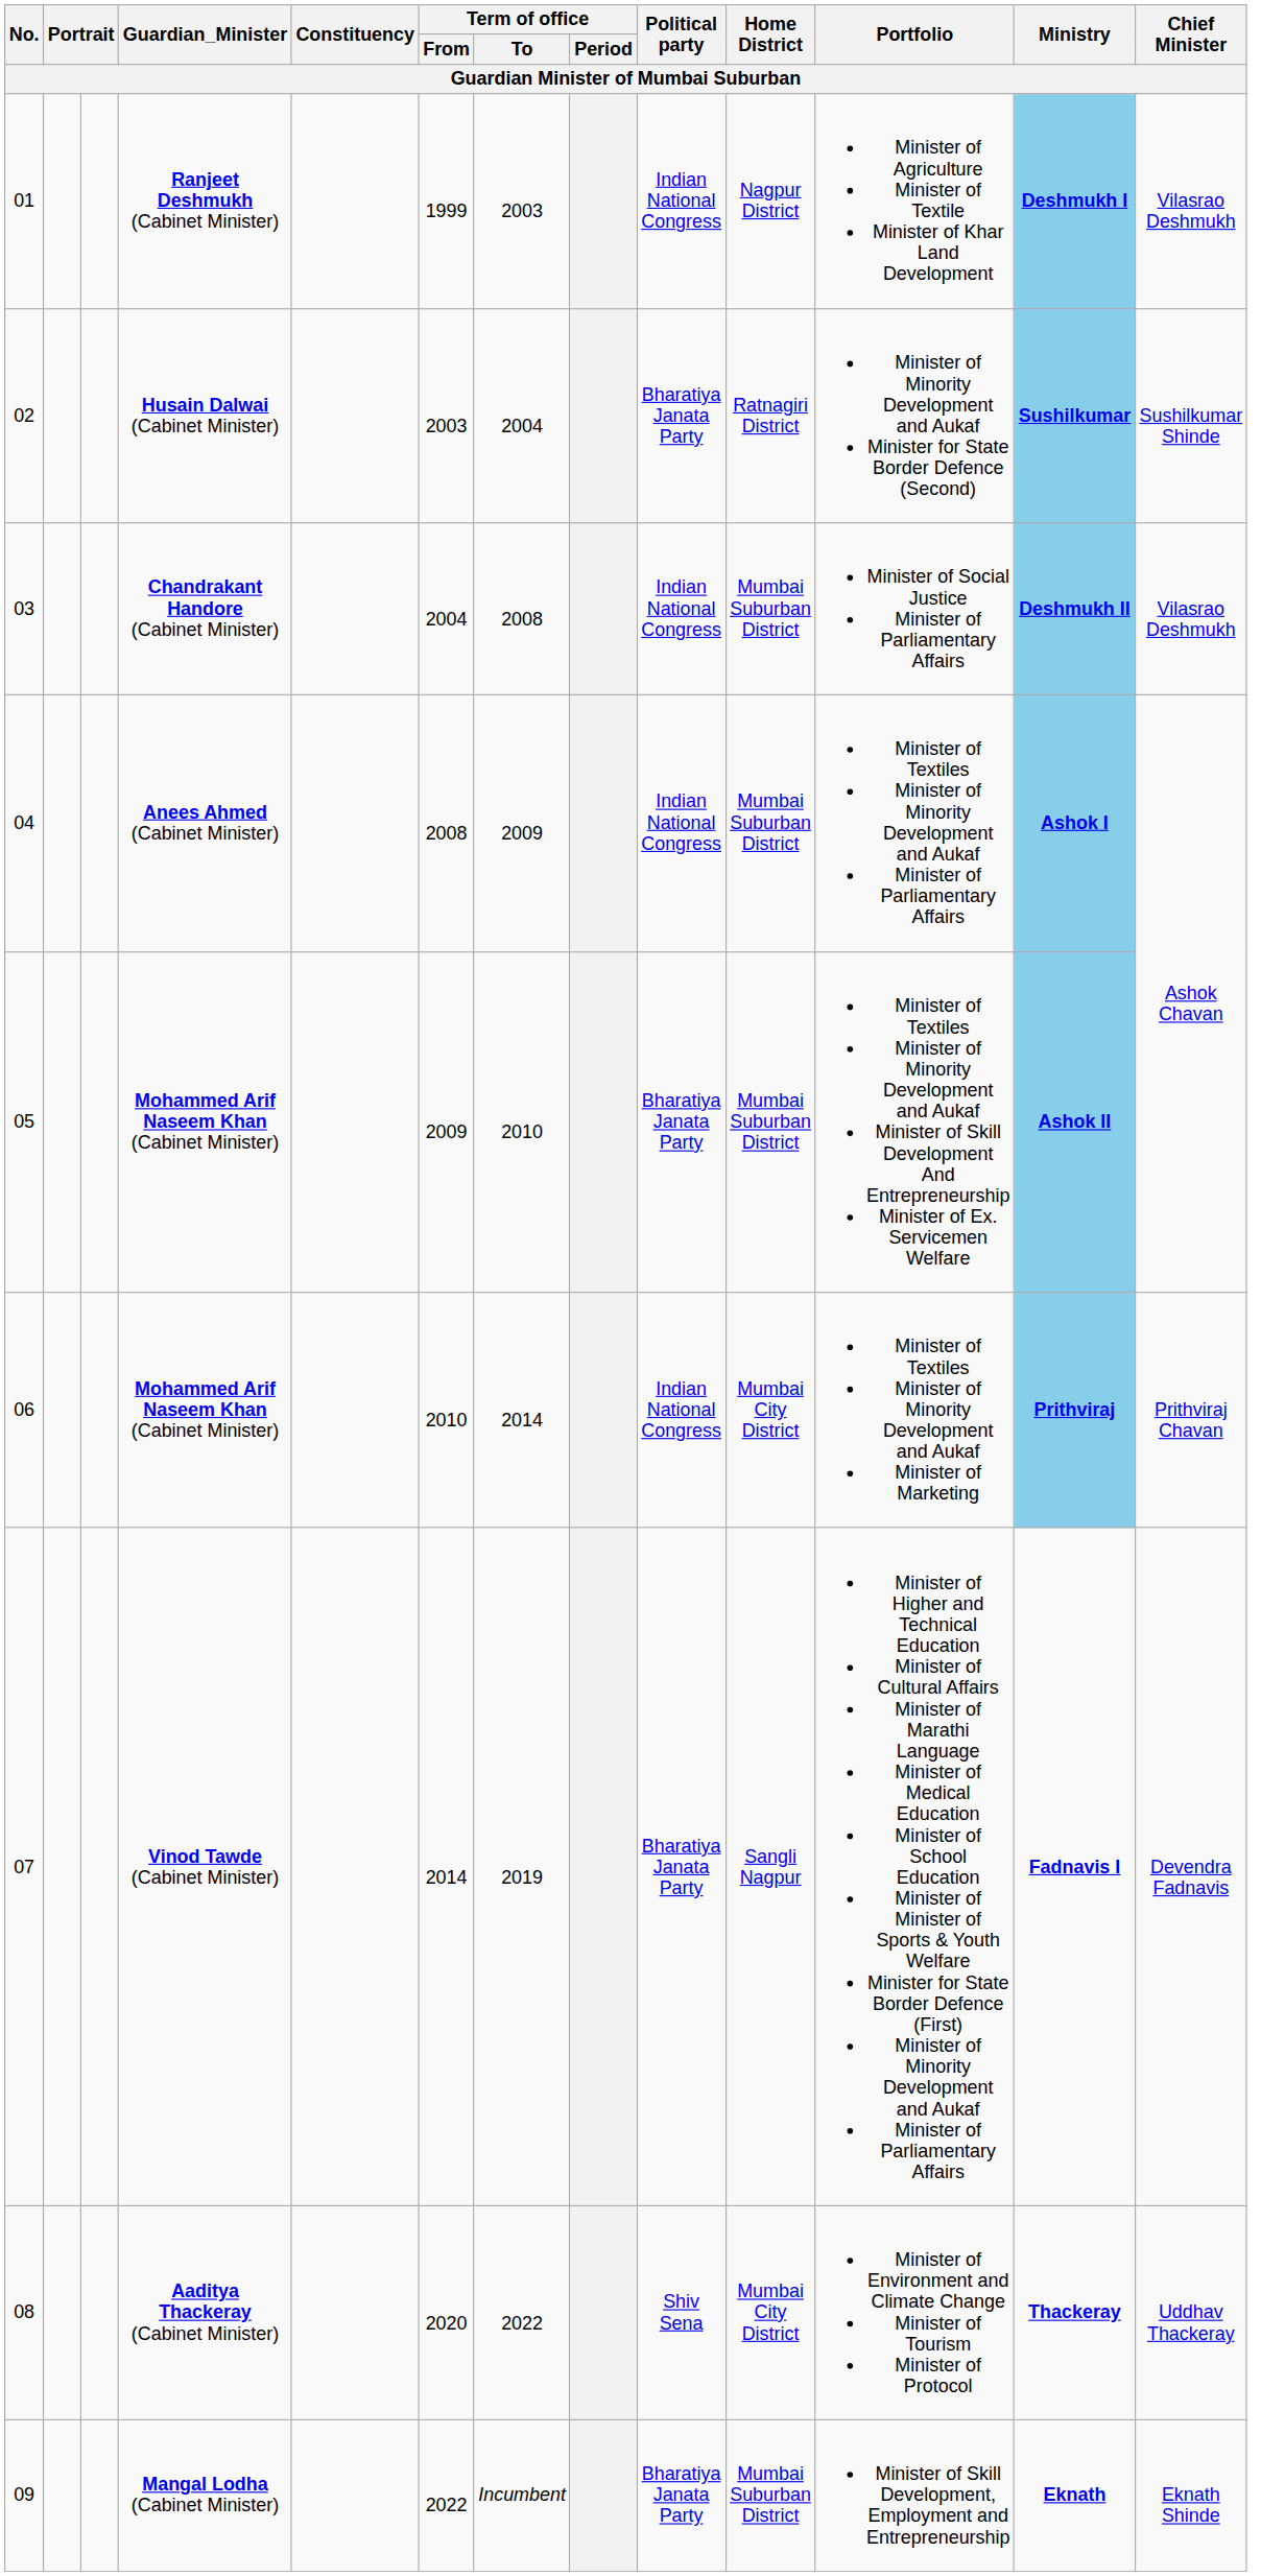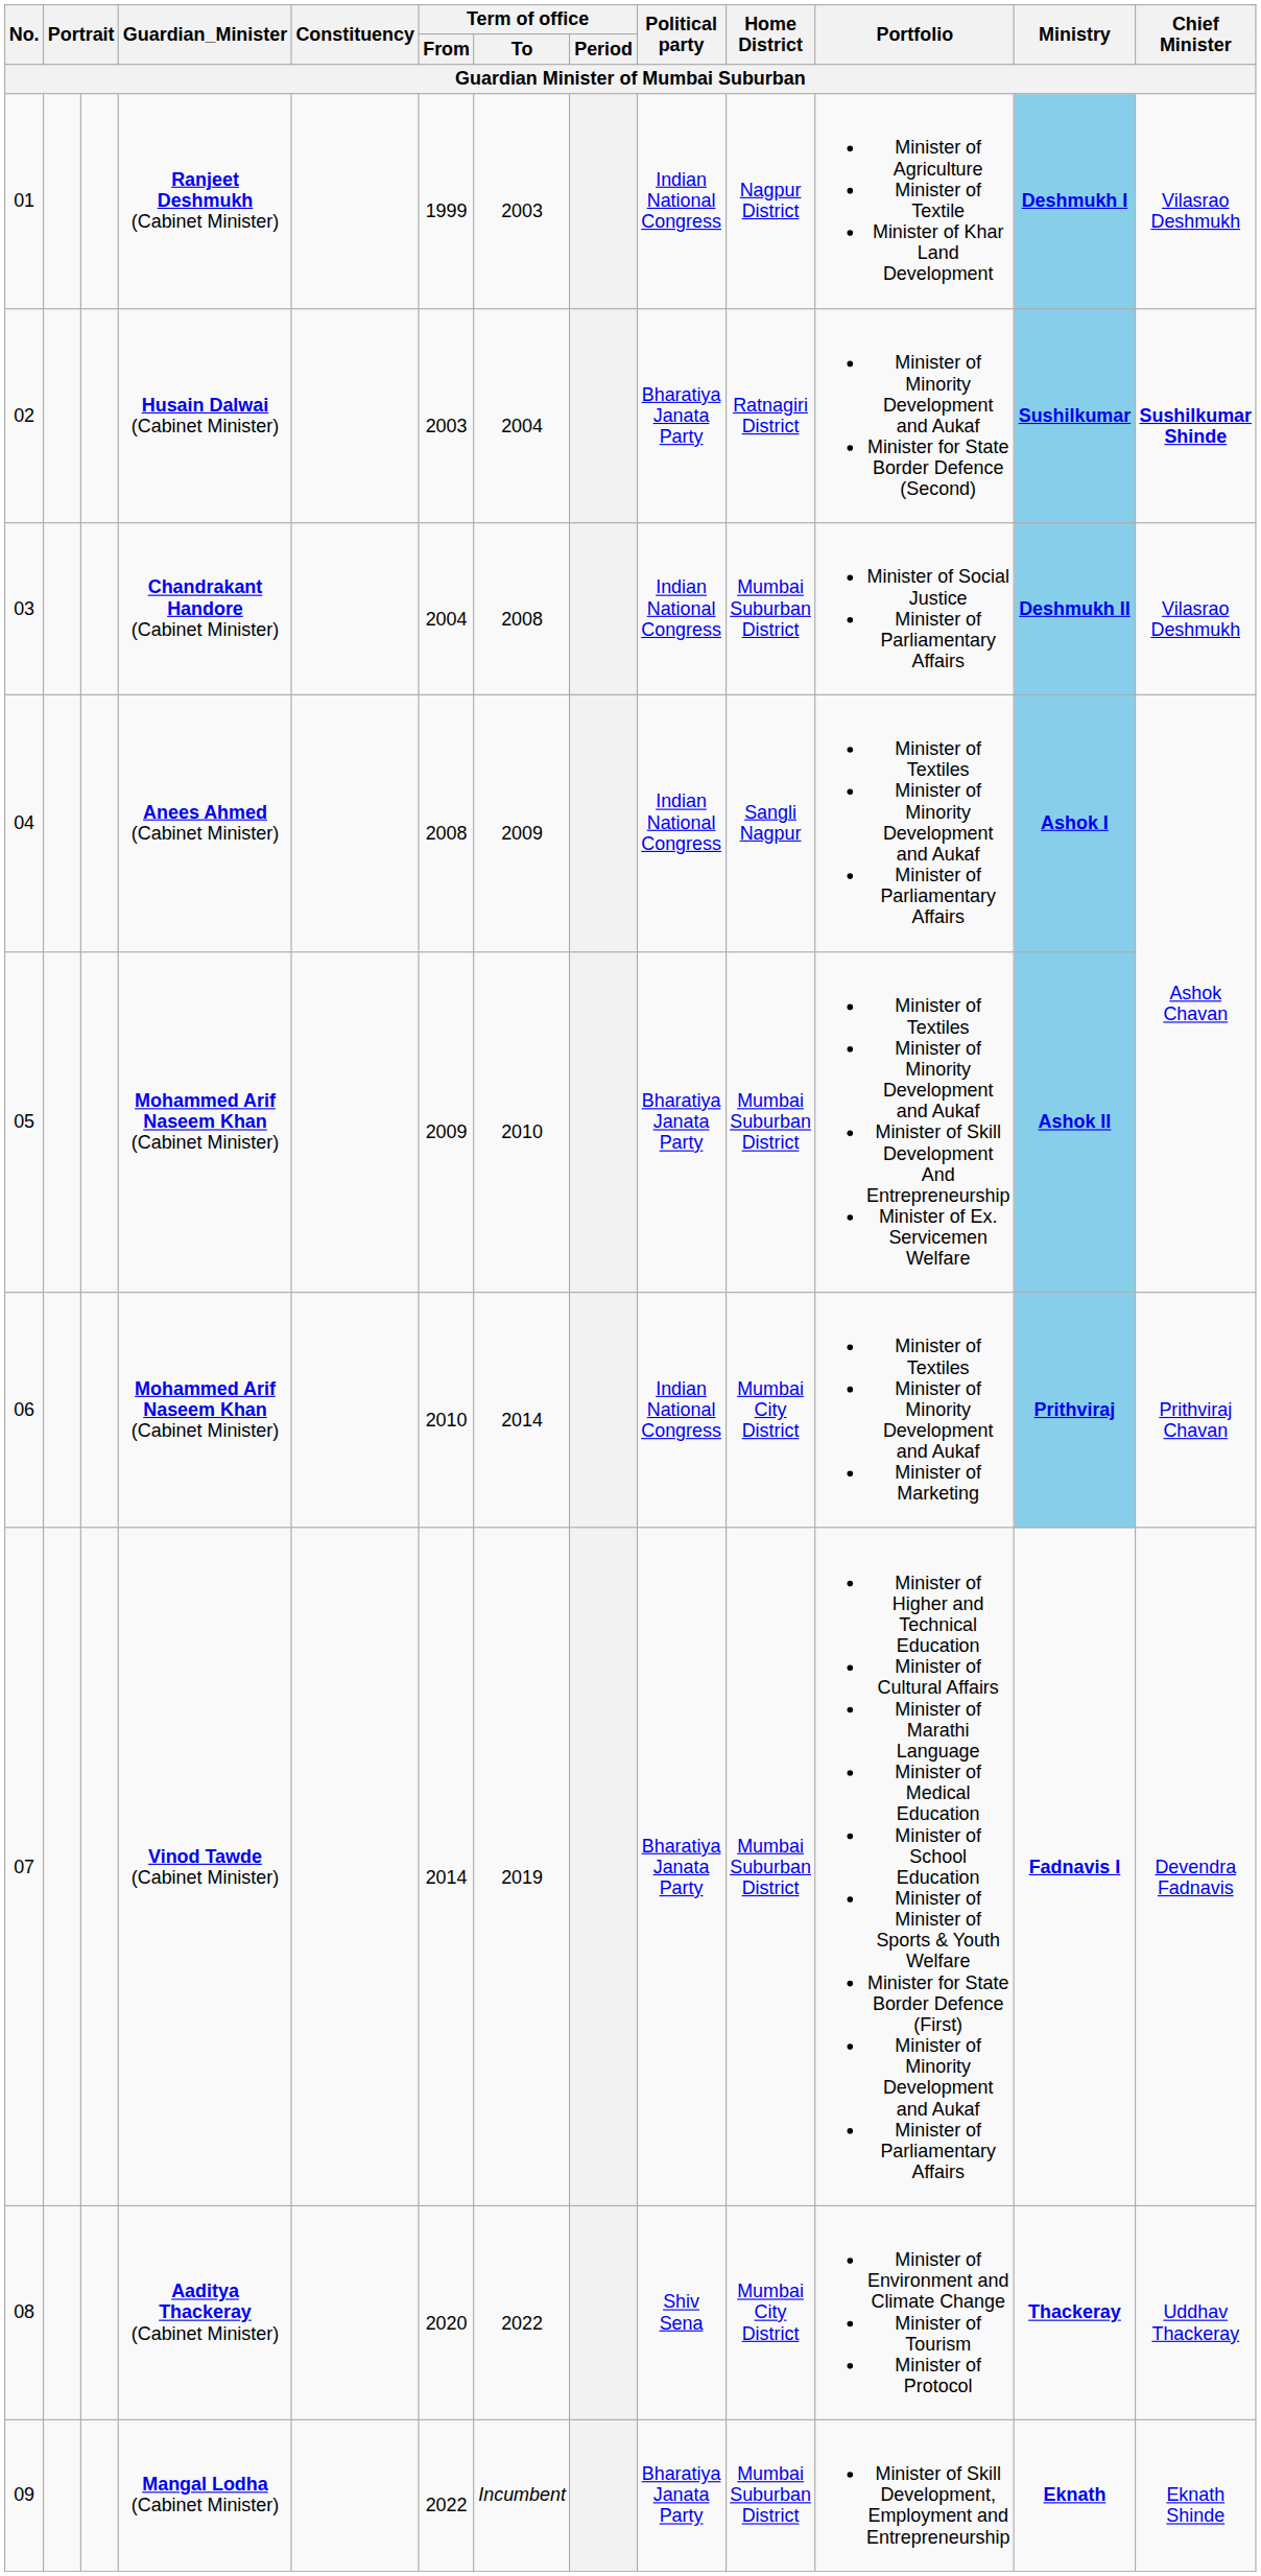 <table class="wikitable" style="text-align:center">
 <tr>
 <th rowspan="2">No.</th>
 <th rowspan="2" colspan="2">Portrait</th>
 <th rowspan="2" style="width:16em">Guardian_Minister</th>
 <th rowspan="2">Constituency</th>
 <th colspan="3">Term of office</th>
 <th rowspan="2" style="width:8em">Political party</th>
 <th rowspan="2">Home District</th>
 <th rowspan="2">Portfolio</th>
 <th rowspan="2">Ministry</th>
 <th rowspan="2" style="width:9em">Chief Minister</th>
 </tr>
 <tr>
 <th style="width:6em">From</th>
 <th style="width:6em">To</th>
 <th>Period</th>
 </tr>
 <tr>
 <th colspan="13">Guardian Minister of Mumbai Suburban</th>
 </tr>
 <tr>
 <td>01</td>
 <td></td>
 <td></td>
 <td><strong><a href='#'>Ranjeet Deshmukh</a></strong> <br> (Cabinet Minister)</td>
 <td></td>
 <td><br>1999</td>
 <td><br>2003</td>
 <th></th>
 <td><a href='#'>Indian National Congress</a></td>
 <td><a href='#'>Nagpur District</a></td>
 <td><br><ul><li>Minister of Agriculture</li><li>Minister of Textile</li><li>Minister of Khar Land Development</li></ul></td>
 <td rowspan="1" bgcolor="#87CEEB"><a href='#'><strong>Deshmukh I</strong></a></td>
 <td rowspan="1"> <br><a href='#'>Vilasrao Deshmukh</a></td>
 </tr>
 <tr>
 <td>02</td>
 <td></td>
 <td></td>
 <td><strong><a href='#'>Husain Dalwai</a></strong> <br> (Cabinet Minister)</td>
 <td></td>
 <td><br>2003</td>
 <td><br>2004</td>
 <th></th>
 <td rowspan="1"><a href='#'>Bharatiya Janata Party</a></td>
 <td><a href='#'>Ratnagiri District</a></td>
 <td><br><ul><li>Minister of Minority Development and Aukaf</li><li>Minister for State Border Defence (Second)</li></ul></td>
 <td rowspan="1" bgcolor="#87CEEB"><a href='#'><strong>Sushilkumar</strong></a></td>
-<td rowspan="1"> <br><a href='#'>Sushilkumar Shinde</a></td>
+<td rowspan="1"><strong> <br><a href='#'>Sushilkumar Shinde</a></strong></td>
 </tr>
 <tr>
 <td>03</td>
 <td></td>
 <td></td>
 <td><strong><a href='#'>Chandrakant Handore</a></strong> <br> (Cabinet Minister)</td>
 <td></td>
 <td><br>2004</td>
 <td><br>2008</td>
 <th></th>
 <td><a href='#'>Indian National Congress</a></td>
 <td><a href='#'>Mumbai Suburban District</a></td>
 <td><br><ul><li>Minister of Social Justice</li><li>Minister of Parliamentary Affairs</li></ul></td>
 <td rowspan="1" bgcolor="#87CEEB"><a href='#'><strong>Deshmukh II</strong></a></td>
 <td rowspan="1"> <br><a href='#'>Vilasrao Deshmukh</a></td>
 </tr>
 <tr>
 <td>04</td>
 <td></td>
 <td></td>
 <td><strong><a href='#'>Anees Ahmed</a></strong> <br> (Cabinet Minister)</td>
 <td></td>
 <td><br>2008</td>
 <td><br>2009</td>
 <th></th>
 <td><a href='#'>Indian National Congress</a></td>
-<td><a href='#'>Mumbai Suburban District</a></td>
+<td><a href='#'>Sangli Nagpur</a></td>
 <td><br><ul><li>Minister of Textiles</li><li>Minister of Minority Development and Aukaf</li><li>Minister of Parliamentary Affairs</li></ul></td>
 <td rowspan="1" bgcolor="#87CEEB"><a href='#'><strong>Ashok I</strong></a></td>
 <td rowspan="2"><br><a href='#'>Ashok Chavan</a></td>
 </tr>
 <tr>
 <td>05</td>
 <td></td>
 <td></td>
 <td><strong><a href='#'>Mohammed Arif Naseem Khan</a></strong>  <br> (Cabinet Minister)</td>
 <td></td>
 <td><br>2009</td>
 <td><br>2010</td>
 <th></th>
 <td><a href='#'>Bharatiya Janata Party</a></td>
 <td><a href='#'>Mumbai Suburban District</a></td>
 <td><br><ul><li>Minister of Textiles</li><li>Minister of Minority Development and Aukaf</li><li>Minister of  Skill Development And Entrepreneurship</li><li>Minister of Ex. Servicemen Welfare</li></ul></td>
 <td rowspan="1"bgcolor="#87CEEB"><a href='#'><strong>Ashok II</strong></a></td>
 </tr>
 <tr>
 <td>06</td>
 <td></td>
 <td></td>
 <td><strong><a href='#'>Mohammed Arif Naseem Khan</a></strong> <br> (Cabinet Minister)</td>
 <td></td>
 <td><br>2010</td>
 <td><br>2014</td>
 <th></th>
 <td><a href='#'>Indian National Congress</a></td>
 <td><a href='#'>Mumbai City District</a></td>
 <td><br><ul><li>Minister of Textiles</li><li>Minister of Minority Development and Aukaf</li><li>Minister of Marketing</li></ul></td>
 <td rowspan="1" bgcolor="#87CEEB"><a href='#'><strong>Prithviraj</strong></a></td>
 <td rowspan="1"><br><a href='#'>Prithviraj Chavan</a></td>
 </tr>
 <tr>
 <td>07</td>
 <td></td>
 <td></td>
 <td><strong><a href='#'>Vinod Tawde</a></strong> <br> (Cabinet Minister)</td>
 <td></td>
 <td><br>2014</td>
 <td><br>2019</td>
 <th></th>
 <td rowspan="1"><a href='#'>Bharatiya Janata Party</a></td>
-<td><a href='#'>Sangli Nagpur</a></td>
+<td><a href='#'>Mumbai Suburban District</a></td>
 <td><br><ul><li>Minister of Higher and Technical Education</li><li>Minister of Cultural Affairs</li><li>Minister of Marathi Language</li><li>Minister of Medical Education</li><li>Minister of School Education</li><li>Minister of Minister of Sports & Youth Welfare</li><li>Minister for State Border Defence (First)</li><li>Minister of Minority Development and Aukaf</li><li>Minister of Parliamentary Affairs</li></ul></td>
 <td rowspan="1"><a href='#'><strong>Fadnavis I</strong></a></td>
 <td rowspan="1"> <br><a href='#'>Devendra Fadnavis</a></td>
 </tr>
 <tr>
 <td>08</td>
 <td></td>
 <td></td>
 <td><strong><a href='#'>Aaditya Thackeray</a></strong> <br> (Cabinet Minister)</td>
 <td></td>
 <td><br>2020</td>
 <td><br>2022</td>
 <th></th>
 <td><a href='#'>Shiv Sena</a></td>
 <td><a href='#'>Mumbai City District</a></td>
 <td><br><ul><li>Minister of Environment and Climate Change</li><li>Minister of Tourism</li><li>Minister of Protocol</li></ul></td>
 <td rowspan="1"><a href='#'><strong>Thackeray</strong></a></td>
 <td rowspan="1"> <br><a href='#'>Uddhav Thackeray</a></td>
 </tr>
 <tr>
 <td>09</td>
 <td></td>
 <td></td>
 <td><strong><a href='#'>Mangal Lodha</a></strong> <br> (Cabinet Minister)</td>
 <td></td>
 <td><br>2022</td>
 <td><em>Incumbent</em></td>
 <th></th>
 <td><a href='#'>Bharatiya Janata Party</a></td>
 <td><a href='#'>Mumbai Suburban District</a></td>
 <td><br><ul><li>Minister of Skill Development, Employment and Entrepreneurship</li></ul></td>
 <td rowspan="1"><a href='#'><strong>Eknath</strong></a></td>
 <td rowspan="1"> <br><a href='#'>Eknath Shinde</a></td>
 </tr>
 <tr>
 </tr>
 </table>
